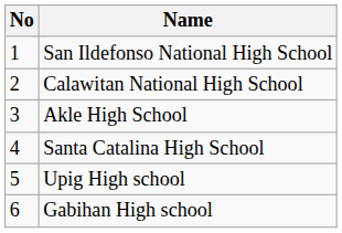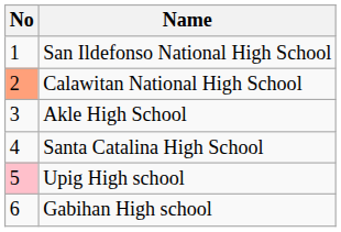 <table class="wikitable sortable" style:"text-align: center">
 <tr>
 <th>No</th>
 <th>Name</th>
 </tr>
 <tr>
 <td>1</td>
 <td>San Ildefonso National High School</td>
 </tr>
 <tr>
-<td>2</td>
+<td style="background: lightsalmon;">2</td>
 <td>Calawitan National High School</td>
 </tr>
 <tr>
 <td>3</td>
 <td>Akle High School</td>
 </tr>
 <tr>
 <td>4</td>
 <td>Santa Catalina High School</td>
 </tr>
 <tr>
-<td>5</td>
+<td style="background: pink;">5</td>
 <td>Upig High school</td>
 </tr>
 <tr>
 <td>6</td>
 <td>Gabihan High school</td>
 </tr>
 </table>
